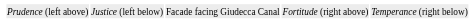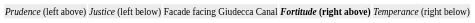 <table align=center>
 <tr>
 <td></td>
 <td></td>
 <td></td>
 <td></td>
 <td></td>
 </tr>
 <tr>
 <td style="background:#ECECEC; text-align: center;"><small><em>Prudence</em> (left above)</small></td>
 <td style="background:#ECECEC; text-align: center;"><small><em>Justice</em> (left below)</small></td>
 <td style="background:#ECECEC; text-align: center;"><small>Facade facing Giudecca Canal</small></td>
-<td style="background:#ECECEC; text-align: center;"><small><em>Fortitude</em> (right above)</small></td>
+<td style="background:#ECECEC; text-align: center;"><strong><small><em>Fortitude</em> (right above)</small></strong></td>
 <td style="background:#ECECEC; text-align: center;"><small><em>Temperance</em> (right below)</small></td>
 </tr>
 </table>
